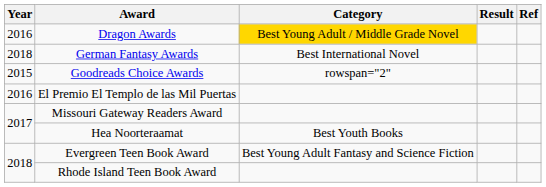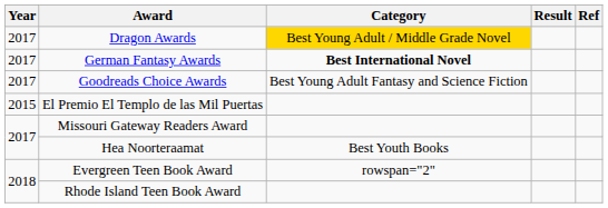 <table class="wikitable sortable" style="text-align:center;">
 <tr>
 <th>Year</th>
 <th>Award</th>
 <th>Category</th>
 <th>Result</th>
 <th>Ref</th>
 </tr>
 <tr>
-<td>2016</td>
+<td>2017</td>
 <td><a href='#'>Dragon Awards</a></td>
 <td style="background: gold;">Best Young Adult / Middle Grade Novel</td>
 <td></td>
 <td></td>
 </tr>
 <tr>
-<td>2018</td>
+<td>2017</td>
 <td><a href='#'>German Fantasy Awards</a></td>
-<td>Best International Novel</td>
+<td><strong>Best International Novel</strong></td>
+<td></td>
+<td></td>
+</tr>
+<tr>
+<td>2017</td>
+<td><a href='#'>Goodreads Choice Awards</a></td>
+<td>Best Young Adult Fantasy and Science Fiction</td>
 <td></td>
 <td></td>
 </tr>
 <tr>
 <td>2015</td>
-<td><a href='#'>Goodreads Choice Awards</a></td>
-<td>rowspan="2"  </td>
-<td></td>
-<td></td>
-</tr>
-<tr>
-<td>2016</td>
 <td>El Premio El Templo de las Mil Puertas</td>
 <td></td>
 <td></td>
 <td></td>
 </tr>
 <tr>
 <td rowspan="2">2017</td>
 <td>Missouri Gateway Readers Award</td>
 <td></td>
 <td></td>
 <td></td>
 </tr>
 <tr>
 <td>Hea Noorteraamat</td>
 <td>Best Youth Books</td>
 <td></td>
 <td></td>
 </tr>
 <tr>
 <td rowspan="2">2018</td>
 <td>Evergreen Teen Book Award</td>
-<td>Best Young Adult Fantasy and Science Fiction</td>
+<td>rowspan="2"  </td>
 <td></td>
 <td></td>
 </tr>
 <tr>
 <td>Rhode Island Teen Book Award</td>
 <td></td>
 <td></td>
 </tr>
 </table>
